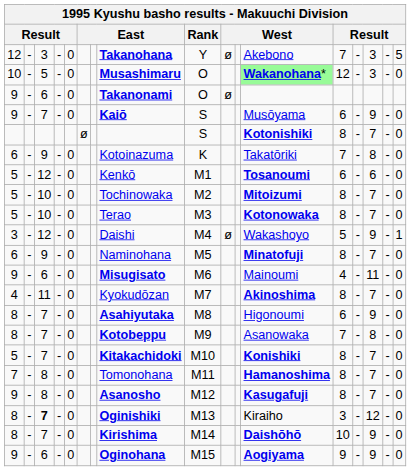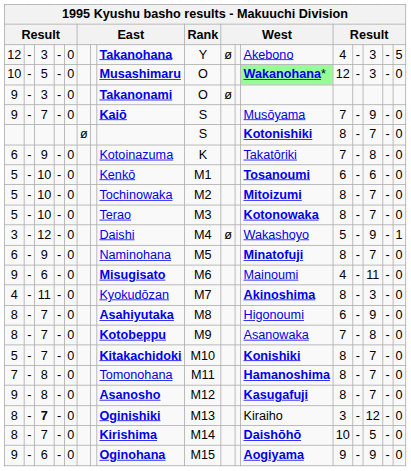 <table class="wikitable">
 <tr>
 <th colspan="17">1995 Kyushu basho results - Makuuchi Division</th>
 </tr>
 <tr>
 <th colspan="5">Result</th>
 <th colspan="3">East</th>
 <th>Rank</th>
 <th colspan="3">West</th>
 <th colspan="5">Result</th>
 </tr>
 <tr>
 <td align=center>12</td>
 <td align=center>-</td>
 <td align=center>3</td>
 <td align=center>-</td>
 <td align=center>0</td>
 <td align=center></td>
 <td align=center></td>
 <td><strong><a href='#'>Takanohana</a></strong></td>
 <td align=center>Y</td>
 <td align=center>ø</td>
 <td align=center></td>
 <td><a href='#'>Akebono</a></td>
-<td align=center>7</td>
+<td align=center>4</td>
 <td align=center>-</td>
 <td align=center>3</td>
 <td align=center>-</td>
 <td align=center>5</td>
 </tr>
 <tr>
 <td align=center>10</td>
 <td align=center>-</td>
 <td align=center>5</td>
 <td align=center>-</td>
 <td align=center>0</td>
 <td align=center></td>
 <td align=center></td>
 <td><strong><a href='#'>Musashimaru</a></strong></td>
 <td align=center>O</td>
 <td align=center></td>
 <td align=center></td>
 <td style="background: PaleGreen;"><strong><a href='#'>Wakanohana</a></strong>*</td>
 <td align=center>12</td>
 <td align=center>-</td>
 <td align=center>3</td>
 <td align=center>-</td>
 <td align=center>0</td>
 </tr>
 <tr>
 <td align=center>9</td>
 <td align=center>-</td>
-<td align=center>6</td>
+<td align=center>3</td>
 <td align=center>-</td>
 <td align=center>0</td>
 <td align=center></td>
 <td align=center></td>
 <td><strong><a href='#'>Takanonami</a></strong></td>
 <td align=center>O</td>
 <td align=center>ø</td>
 <td align=center></td>
 <td></td>
 <td align=center></td>
 <td align=center></td>
 <td align=center></td>
 <td align=center></td>
 <td align=center></td>
 </tr>
 <tr>
 <td align=center>9</td>
 <td align=center>-</td>
 <td align=center>7</td>
 <td align=center>-</td>
 <td align=center>0</td>
 <td align=center></td>
 <td align=center></td>
 <td><strong><a href='#'>Kaiō</a></strong></td>
 <td align=center>S</td>
 <td align=center></td>
 <td align=center></td>
 <td><a href='#'>Musōyama</a></td>
-<td align=center>6</td>
+<td align=center>7</td>
 <td align=center>-</td>
 <td align=center>9</td>
 <td align=center>-</td>
 <td align=center>0</td>
 </tr>
 <tr>
 <td align=center></td>
 <td align=center></td>
 <td align=center></td>
 <td align=center></td>
 <td align=center></td>
 <td align=center>ø</td>
 <td align=center></td>
 <td></td>
 <td align=center>S</td>
 <td align=center></td>
 <td align=center></td>
 <td><strong><a href='#'>Kotonishiki</a></strong></td>
 <td align=center>8</td>
 <td align=center>-</td>
 <td align=center>7</td>
 <td align=center>-</td>
 <td align=center>0</td>
 </tr>
 <tr>
 <td align=center>6</td>
 <td align=center>-</td>
 <td align=center>9</td>
 <td align=center>-</td>
 <td align=center>0</td>
 <td align=center></td>
 <td align=center></td>
 <td><a href='#'>Kotoinazuma</a></td>
 <td align=center>K</td>
 <td align=center></td>
 <td align=center></td>
 <td><a href='#'>Takatōriki</a></td>
 <td align=center>7</td>
 <td align=center>-</td>
 <td align=center>8</td>
 <td align=center>-</td>
 <td align=center>0</td>
 </tr>
 <tr>
 <td align=center>5</td>
 <td align=center>-</td>
-<td align=center>12</td>
+<td align=center>10</td>
 <td align=center>-</td>
 <td align=center>0</td>
 <td align=center></td>
 <td align=center></td>
 <td><a href='#'>Kenkō</a></td>
 <td align=center>M1</td>
 <td align=center></td>
 <td align=center></td>
 <td><strong><a href='#'>Tosanoumi</a></strong></td>
 <td align=center>6</td>
 <td align=center>-</td>
 <td align=center>6</td>
 <td align=center>-</td>
 <td align=center>0</td>
 </tr>
 <tr>
 <td align=center>5</td>
 <td align=center>-</td>
 <td align=center>10</td>
 <td align=center>-</td>
 <td align=center>0</td>
 <td align=center></td>
 <td align=center></td>
 <td><a href='#'>Tochinowaka</a></td>
 <td align=center>M2</td>
 <td align=center></td>
 <td align=center></td>
 <td><strong><a href='#'>Mitoizumi</a></strong></td>
 <td align=center>8</td>
 <td align=center>-</td>
 <td align=center>7</td>
 <td align=center>-</td>
 <td align=center>0</td>
 </tr>
 <tr>
 <td align=center>5</td>
 <td align=center>-</td>
 <td align=center>10</td>
 <td align=center>-</td>
 <td align=center>0</td>
 <td align=center></td>
 <td align=center></td>
 <td><a href='#'>Terao</a></td>
 <td align=center>M3</td>
 <td align=center></td>
 <td align=center></td>
 <td><strong><a href='#'>Kotonowaka</a></strong></td>
 <td align=center>8</td>
 <td align=center>-</td>
 <td align=center>7</td>
 <td align=center>-</td>
 <td align=center>0</td>
 </tr>
 <tr>
 <td align=center>3</td>
 <td align=center>-</td>
 <td align=center>12</td>
 <td align=center>-</td>
 <td align=center>0</td>
 <td align=center></td>
 <td align=center></td>
 <td><a href='#'>Daishi</a></td>
 <td align=center>M4</td>
 <td align=center>ø</td>
 <td align=center></td>
 <td><a href='#'>Wakashoyo</a></td>
 <td align=center>5</td>
 <td align=center>-</td>
 <td align=center>9</td>
 <td align=center>-</td>
 <td align=center>1</td>
 </tr>
 <tr>
 <td align=center>6</td>
 <td align=center>-</td>
 <td align=center>9</td>
 <td align=center>-</td>
 <td align=center>0</td>
 <td align=center></td>
 <td align=center></td>
 <td><a href='#'>Naminohana</a></td>
 <td align=center>M5</td>
 <td align=center></td>
 <td align=center></td>
 <td><strong><a href='#'>Minatofuji</a></strong></td>
 <td align=center>8</td>
 <td align=center>-</td>
 <td align=center>7</td>
 <td align=center>-</td>
 <td align=center>0</td>
 </tr>
 <tr>
 <td align=center>9</td>
 <td align=center>-</td>
 <td align=center>6</td>
 <td align=center>-</td>
 <td align=center>0</td>
 <td align=center></td>
 <td align=center></td>
 <td><strong><a href='#'>Misugisato</a></strong></td>
 <td align=center>M6</td>
 <td align=center></td>
 <td align=center></td>
 <td><a href='#'>Mainoumi</a></td>
 <td align=center>4</td>
 <td align=center>-</td>
 <td align=center>11</td>
 <td align=center>-</td>
 <td align=center>0</td>
 </tr>
 <tr>
 <td align=center>4</td>
 <td align=center>-</td>
 <td align=center>11</td>
 <td align=center>-</td>
 <td align=center>0</td>
 <td align=center></td>
 <td align=center></td>
 <td><a href='#'>Kyokudōzan</a></td>
 <td align=center>M7</td>
 <td align=center></td>
 <td align=center></td>
 <td><strong><a href='#'>Akinoshima</a></strong></td>
 <td align=center>8</td>
 <td align=center>-</td>
-<td align=center>7</td>
+<td align=center>3</td>
 <td align=center>-</td>
 <td align=center>0</td>
 </tr>
 <tr>
 <td align=center>8</td>
 <td align=center>-</td>
 <td align=center>7</td>
 <td align=center>-</td>
 <td align=center>0</td>
 <td align=center></td>
 <td align=center></td>
 <td><strong><a href='#'>Asahiyutaka</a></strong></td>
 <td align=center>M8</td>
 <td align=center></td>
 <td align=center></td>
 <td><a href='#'>Higonoumi</a></td>
 <td align=center>6</td>
 <td align=center>-</td>
 <td align=center>9</td>
 <td align=center>-</td>
 <td align=center>0</td>
 </tr>
 <tr>
 <td align=center>8</td>
 <td align=center>-</td>
 <td align=center>7</td>
 <td align=center>-</td>
 <td align=center>0</td>
 <td align=center></td>
 <td align=center></td>
 <td><strong><a href='#'>Kotobeppu</a></strong></td>
 <td align=center>M9</td>
 <td align=center></td>
 <td align=center></td>
 <td><a href='#'>Asanowaka</a></td>
 <td align=center>7</td>
 <td align=center>-</td>
 <td align=center>8</td>
 <td align=center>-</td>
 <td align=center>0</td>
 </tr>
 <tr>
 <td align=center>5</td>
 <td align=center>-</td>
 <td align=center>7</td>
 <td align=center>-</td>
 <td align=center>0</td>
 <td align=center></td>
 <td align=center></td>
 <td><strong><a href='#'>Kitakachidoki</a></strong></td>
 <td align=center>M10</td>
 <td align=center></td>
 <td align=center></td>
 <td><strong><a href='#'>Konishiki</a></strong></td>
 <td align=center>8</td>
 <td align=center>-</td>
 <td align=center>7</td>
 <td align=center>-</td>
 <td align=center>0</td>
 </tr>
 <tr>
 <td align=center>7</td>
 <td align=center>-</td>
 <td align=center>8</td>
 <td align=center>-</td>
 <td align=center>0</td>
 <td align=center></td>
 <td align=center></td>
 <td><a href='#'>Tomonohana</a></td>
 <td align=center>M11</td>
 <td align=center></td>
 <td align=center></td>
 <td><strong><a href='#'>Hamanoshima</a></strong></td>
 <td align=center>8</td>
 <td align=center>-</td>
 <td align=center>7</td>
 <td align=center>-</td>
 <td align=center>0</td>
 </tr>
 <tr>
 <td align=center>9</td>
 <td align=center>-</td>
 <td align=center>8</td>
 <td align=center>-</td>
 <td align=center>0</td>
 <td align=center></td>
 <td align=center></td>
 <td><strong><a href='#'>Asanosho</a></strong></td>
 <td align=center>M12</td>
 <td align=center></td>
 <td align=center></td>
 <td><strong><a href='#'>Kasugafuji</a></strong></td>
 <td align=center>8</td>
 <td align=center>-</td>
 <td align=center>7</td>
 <td align=center>-</td>
 <td align=center>0</td>
 </tr>
 <tr>
 <td align=center>8</td>
 <td align=center>-</td>
 <td align=center><strong>7</strong></td>
 <td align=center>-</td>
 <td align=center>0</td>
 <td align=center></td>
 <td align=center></td>
 <td><strong><a href='#'>Oginishiki</a></strong></td>
 <td align=center>M13</td>
 <td align=center></td>
 <td align=center></td>
 <td>Kiraiho</td>
 <td align=center>3</td>
 <td align=center>-</td>
 <td align=center>12</td>
 <td align=center>-</td>
 <td align=center>0</td>
 </tr>
 <tr>
 <td align=center>8</td>
 <td align=center>-</td>
 <td align=center>7</td>
 <td align=center>-</td>
 <td align=center>0</td>
 <td align=center></td>
 <td align=center></td>
 <td><strong><a href='#'>Kirishima</a></strong></td>
 <td align=center>M14</td>
 <td align=center></td>
 <td align=center></td>
 <td><strong><a href='#'>Daishōhō</a></strong></td>
 <td align=center>10</td>
 <td align=center>-</td>
-<td align=center>9</td>
+<td align=center>5</td>
 <td align=center>-</td>
 <td align=center>0</td>
 </tr>
 <tr>
 <td align=center>9</td>
 <td align=center>-</td>
 <td align=center>6</td>
 <td align=center>-</td>
 <td align=center>0</td>
 <td align=center></td>
 <td align=center></td>
 <td><strong><a href='#'>Oginohana</a></strong></td>
 <td align=center>M15</td>
 <td align=center></td>
 <td align=center></td>
 <td><strong><a href='#'>Aogiyama</a></strong></td>
 <td align=center>9</td>
 <td align=center>-</td>
 <td align=center>9</td>
 <td align=center>-</td>
 <td align=center>0</td>
 </tr>
 </table>
